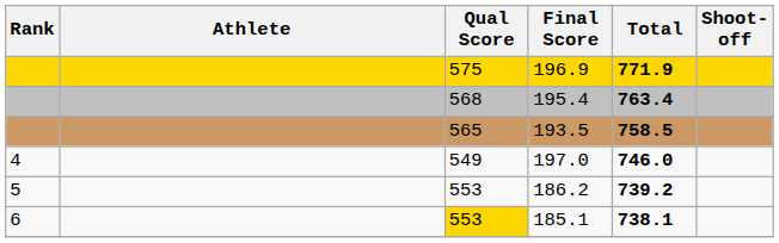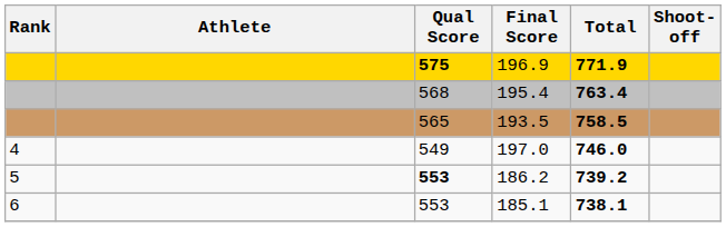 <table class="wikitable" style="font-size:95%" style="width:35em;" style="text-align:center">
 <tr>
 <th>Rank</th>
 <th width=250>Athlete</th>
 <th width=50>Qual Score</th>
 <th width=50>Final Score</th>
 <th width=50>Total</th>
 <th width=40>Shoot-off</th>
 </tr>
 <tr bgcolor=gold>
 <td></td>
 <td align=left></td>
-<td>575</td>
+<td><strong>575</strong></td>
 <td>196.9</td>
 <td><strong>771.9</strong></td>
 <td></td>
 </tr>
 <tr bgcolor=silver>
 <td></td>
 <td align=left></td>
 <td>568</td>
 <td>195.4</td>
 <td><strong>763.4</strong></td>
 <td></td>
 </tr>
 <tr bgcolor=cc9966>
 <td></td>
 <td align=left></td>
 <td>565</td>
 <td>193.5</td>
 <td><strong>758.5</strong></td>
 <td></td>
 </tr>
 <tr>
 <td>4</td>
 <td align=left></td>
 <td>549</td>
 <td>197.0</td>
 <td><strong>746.0</strong></td>
 <td></td>
 </tr>
 <tr>
 <td>5</td>
 <td align=left></td>
-<td>553</td>
+<td><strong>553</strong></td>
 <td>186.2</td>
 <td><strong>739.2</strong></td>
 <td></td>
 </tr>
 <tr>
 <td>6</td>
 <td align=left></td>
-<td style="background: gold;">553</td>
+<td>553</td>
 <td>185.1</td>
 <td><strong>738.1</strong></td>
 <td></td>
 </tr>
 <tr>
 </tr>
 </table>
